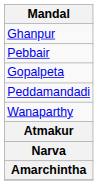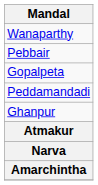 <table class="wikitable sortable static-row-numbers static-row-header-hash">
 <tr>
 <th>Mandal</th>
 </tr>
 <tr>
-<td><a href='#'>Ghanpur</a></td>
+<td><a href='#'>Wanaparthy</a></td>
 </tr>
 <tr>
 <td><a href='#'>Pebbair</a></td>
 </tr>
 <tr>
 <td><a href='#'>Gopalpeta</a></td>
 </tr>
 <tr>
 <td><a href='#'>Peddamandadi</a></td>
 </tr>
 <tr>
-<td><a href='#'>Wanaparthy</a></td>
+<td><a href='#'>Ghanpur</a></td>
 </tr>
 <tr>
 <th>Atmakur</th>
 </tr>
 <tr>
 <th>Narva</th>
 </tr>
 <tr>
 <th>Amarchintha</th>
 </tr>
 <tr>
 </tr>
 </table>
